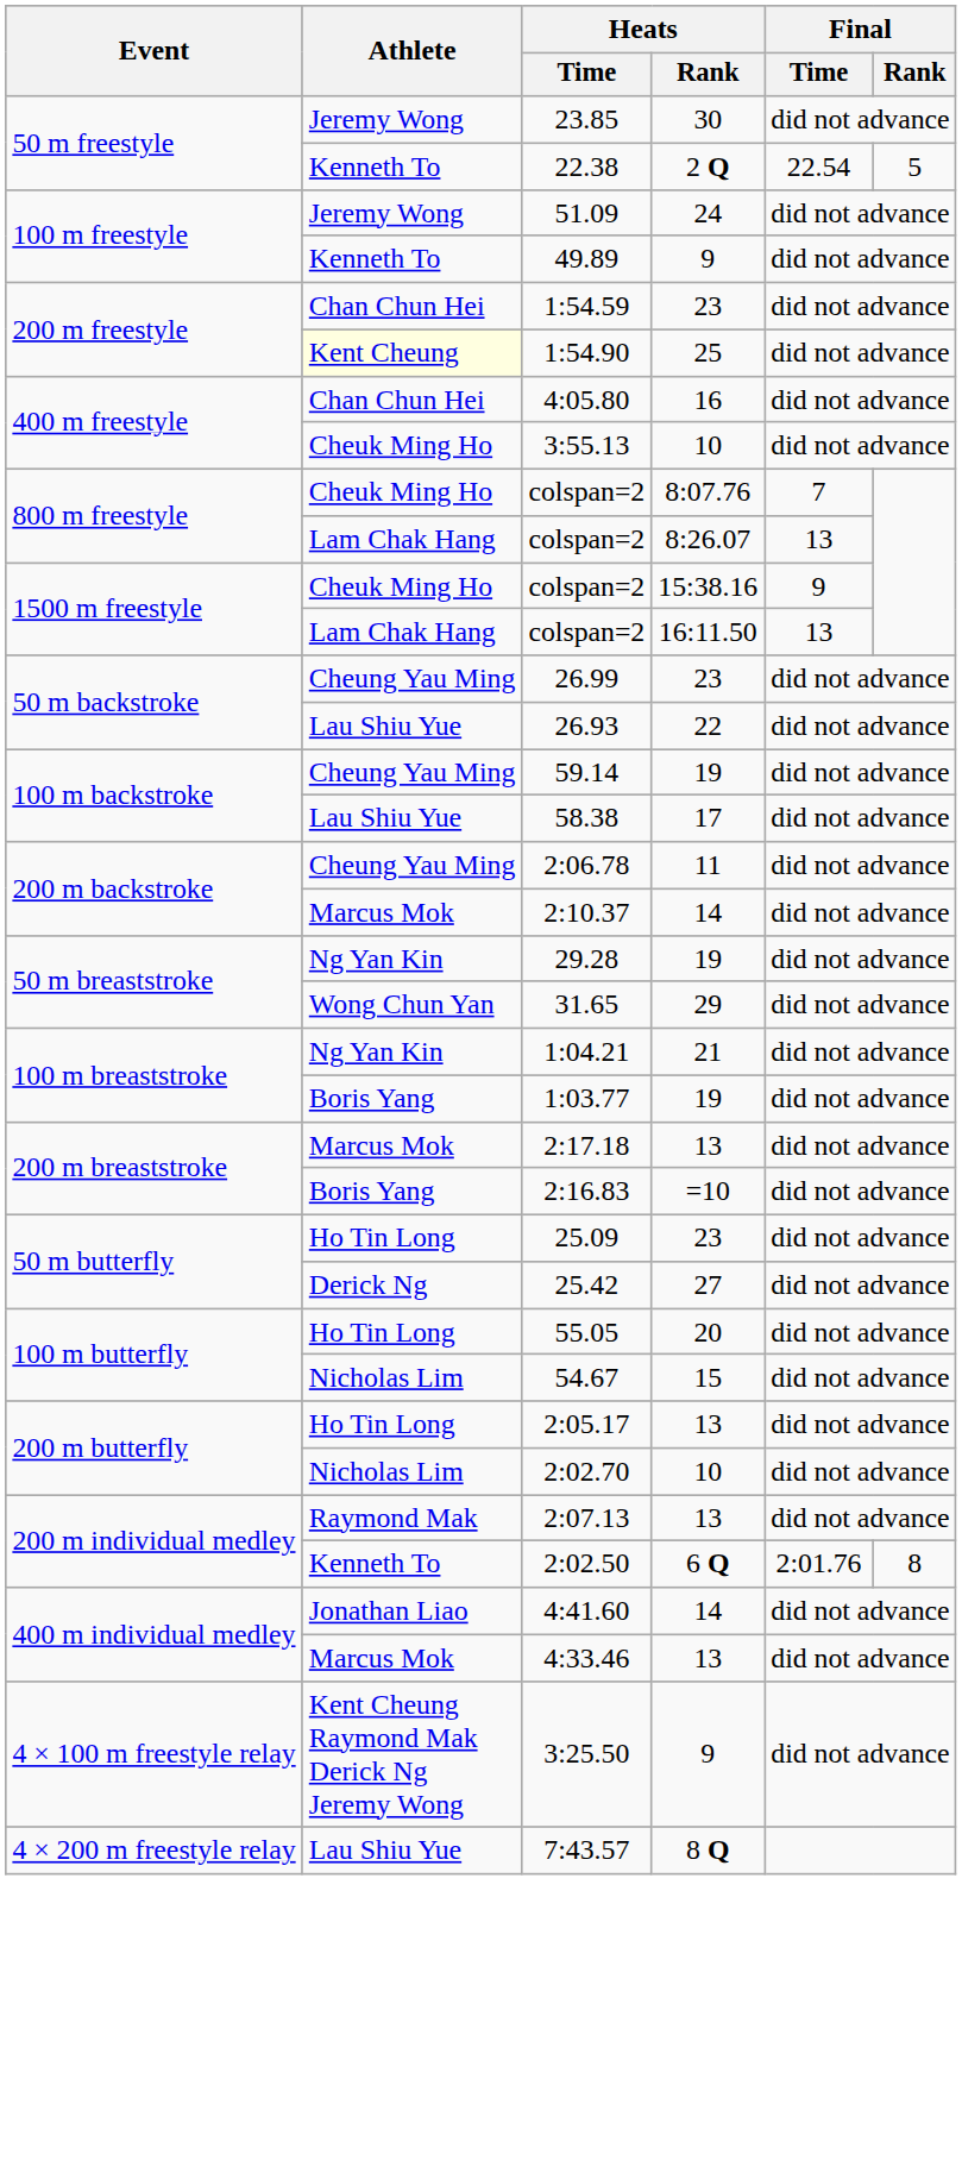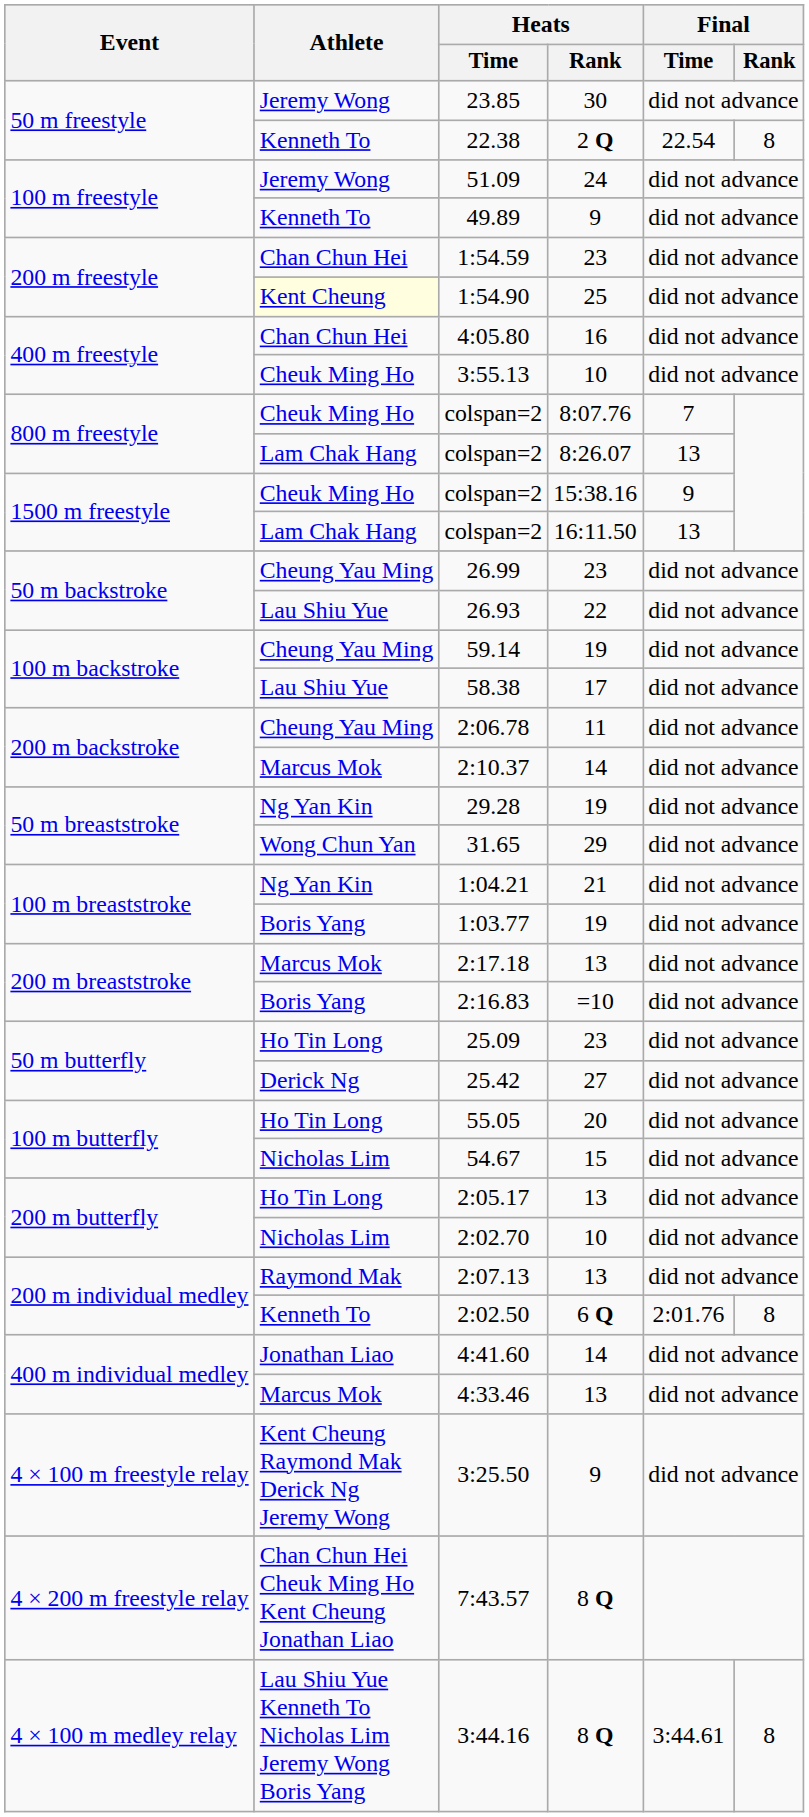 <table class=wikitable style="font-size:90%">
 <tr>
 <th rowspan="2">Event</th>
 <th rowspan="2">Athlete</th>
 <th colspan="2">Heats</th>
 <th colspan="2">Final</th>
 </tr>
 <tr style="font-size:95%">
 <th>Time</th>
 <th>Rank</th>
 <th>Time</th>
 <th>Rank</th>
 </tr>
 <tr align=center>
 <td align=left rowspan=2><a href='#'>50 m freestyle</a></td>
 <td align=left><a href='#'>Jeremy Wong</a></td>
 <td>23.85</td>
 <td>30</td>
 <td align=center colspan=2>did not advance</td>
 </tr>
 <tr align=center>
 <td align=left><a href='#'>Kenneth To</a></td>
 <td>22.38</td>
 <td>2 <strong>Q</strong></td>
 <td>22.54</td>
-<td>5</td>
+<td>8</td>
 </tr>
 <tr align=center>
 <td align=left rowspan=2><a href='#'>100 m freestyle</a></td>
 <td align=left><a href='#'>Jeremy Wong</a></td>
 <td>51.09</td>
 <td>24</td>
 <td align=center colspan=2>did not advance</td>
 </tr>
 <tr align=center>
 <td align=left><a href='#'>Kenneth To</a></td>
 <td>49.89</td>
 <td>9</td>
 <td align=center colspan=2>did not advance</td>
 </tr>
 <tr align=center>
 <td align=left rowspan=2><a href='#'>200 m freestyle</a></td>
 <td align=left><a href='#'>Chan Chun Hei</a></td>
 <td>1:54.59</td>
 <td>23</td>
 <td align=center colspan=2>did not advance</td>
 </tr>
 <tr align=center>
 <td align=left style="background: lightyellow;"><a href='#'>Kent Cheung</a></td>
 <td>1:54.90</td>
 <td>25</td>
 <td align=center colspan=2>did not advance</td>
 </tr>
 <tr align=center>
 <td align=left rowspan=2><a href='#'>400 m freestyle</a></td>
 <td align=left><a href='#'>Chan Chun Hei</a></td>
 <td>4:05.80</td>
 <td>16</td>
 <td align=center colspan=2>did not advance</td>
 </tr>
 <tr align=center>
 <td align=left><a href='#'>Cheuk Ming Ho</a></td>
 <td>3:55.13</td>
 <td>10</td>
 <td align=center colspan=2>did not advance</td>
 </tr>
 <tr align=center>
 <td align=left rowspan=2><a href='#'>800 m freestyle</a></td>
 <td align=left><a href='#'>Cheuk Ming Ho</a></td>
 <td>colspan=2 </td>
 <td>8:07.76</td>
 <td>7</td>
 </tr>
 <tr align=center>
 <td align=left><a href='#'>Lam Chak Hang</a></td>
 <td>colspan=2 </td>
 <td>8:26.07</td>
 <td>13</td>
 </tr>
 <tr align=center>
 <td align=left rowspan=2><a href='#'>1500 m freestyle</a></td>
 <td align=left><a href='#'>Cheuk Ming Ho</a></td>
 <td>colspan=2 </td>
 <td>15:38.16</td>
 <td>9</td>
 </tr>
 <tr align=center>
 <td align=left><a href='#'>Lam Chak Hang</a></td>
 <td>colspan=2 </td>
 <td>16:11.50</td>
 <td>13</td>
 </tr>
 <tr align=center>
 <td align=left rowspan=2><a href='#'>50 m backstroke</a></td>
 <td align=left><a href='#'>Cheung Yau Ming</a></td>
 <td>26.99</td>
 <td>23</td>
 <td align=center colspan=2>did not advance</td>
 </tr>
 <tr align=center>
 <td align=left><a href='#'>Lau Shiu Yue</a></td>
 <td>26.93</td>
 <td>22</td>
 <td align=center colspan=2>did not advance</td>
 </tr>
 <tr align=center>
 <td align=left rowspan=2><a href='#'>100 m backstroke</a></td>
 <td align=left><a href='#'>Cheung Yau Ming</a></td>
 <td>59.14</td>
 <td>19</td>
 <td align=center colspan=2>did not advance</td>
 </tr>
 <tr align=center>
 <td align=left><a href='#'>Lau Shiu Yue</a></td>
 <td>58.38</td>
 <td>17</td>
 <td align=center colspan=2>did not advance</td>
 </tr>
 <tr align=center>
 <td align=left rowspan=2><a href='#'>200 m backstroke</a></td>
 <td align=left><a href='#'>Cheung Yau Ming</a></td>
 <td>2:06.78</td>
 <td>11</td>
 <td align=center colspan=2>did not advance</td>
 </tr>
 <tr align=center>
 <td align=left><a href='#'>Marcus Mok</a></td>
 <td>2:10.37</td>
 <td>14</td>
 <td align=center colspan=2>did not advance</td>
 </tr>
 <tr align=center>
 <td align=left rowspan=2><a href='#'>50 m breaststroke</a></td>
 <td align=left><a href='#'>Ng Yan Kin</a></td>
 <td>29.28</td>
 <td>19</td>
 <td align=center colspan=2>did not advance</td>
 </tr>
 <tr align=center>
 <td align=left><a href='#'>Wong Chun Yan</a></td>
 <td>31.65</td>
 <td>29</td>
 <td align=center colspan=2>did not advance</td>
 </tr>
 <tr align=center>
 <td align=left rowspan=2><a href='#'>100 m breaststroke</a></td>
 <td align=left><a href='#'>Ng Yan Kin</a></td>
 <td>1:04.21</td>
 <td>21</td>
 <td align=center colspan=2>did not advance</td>
 </tr>
 <tr align=center>
 <td align=left><a href='#'>Boris Yang</a></td>
 <td>1:03.77</td>
 <td>19</td>
 <td align=center colspan=2>did not advance</td>
 </tr>
 <tr align=center>
 <td align=left rowspan=2><a href='#'>200 m breaststroke</a></td>
 <td align=left><a href='#'>Marcus Mok</a></td>
 <td>2:17.18</td>
 <td>13</td>
 <td align=center colspan=2>did not advance</td>
 </tr>
 <tr align=center>
 <td align=left><a href='#'>Boris Yang</a></td>
 <td>2:16.83</td>
 <td>=10</td>
 <td align=center colspan=2>did not advance</td>
 </tr>
 <tr align=center>
 <td align=left rowspan=2><a href='#'>50 m butterfly</a></td>
 <td align=left><a href='#'>Ho Tin Long</a></td>
 <td>25.09</td>
 <td>23</td>
 <td align=center colspan=2>did not advance</td>
 </tr>
 <tr align=center>
 <td align=left><a href='#'>Derick Ng</a></td>
 <td>25.42</td>
 <td>27</td>
 <td align=center colspan=2>did not advance</td>
 </tr>
 <tr align=center>
 <td align=left rowspan=2><a href='#'>100 m butterfly</a></td>
 <td align=left><a href='#'>Ho Tin Long</a></td>
 <td>55.05</td>
 <td>20</td>
 <td align=center colspan=2>did not advance</td>
 </tr>
 <tr align=center>
 <td align=left><a href='#'>Nicholas Lim</a></td>
 <td>54.67</td>
 <td>15</td>
 <td align=center colspan=2>did not advance</td>
 </tr>
 <tr align=center>
 <td align=left rowspan=2><a href='#'>200 m butterfly</a></td>
 <td align=left><a href='#'>Ho Tin Long</a></td>
 <td>2:05.17</td>
 <td>13</td>
 <td align=center colspan=2>did not advance</td>
 </tr>
 <tr align=center>
 <td align=left><a href='#'>Nicholas Lim</a></td>
 <td>2:02.70</td>
 <td>10</td>
 <td align=center colspan=2>did not advance</td>
 </tr>
 <tr align=center>
 <td align=left rowspan=2><a href='#'>200 m individual medley</a></td>
 <td align=left><a href='#'>Raymond Mak</a></td>
 <td>2:07.13</td>
 <td>13</td>
 <td align=center colspan=2>did not advance</td>
 </tr>
 <tr align=center>
 <td align=left><a href='#'>Kenneth To</a></td>
 <td>2:02.50</td>
 <td>6 <strong>Q</strong></td>
 <td>2:01.76</td>
 <td>8</td>
 </tr>
 <tr align=center>
 <td align=left rowspan=2><a href='#'>400 m individual medley</a></td>
 <td align=left><a href='#'>Jonathan Liao</a></td>
 <td>4:41.60</td>
 <td>14</td>
 <td align=center colspan=2>did not advance</td>
 </tr>
 <tr align=center>
 <td align=left><a href='#'>Marcus Mok</a></td>
 <td>4:33.46</td>
 <td>13</td>
 <td align=center colspan=2>did not advance</td>
 </tr>
 <tr align=center>
 <td align=left><a href='#'>4 × 100 m freestyle relay</a></td>
 <td align=left><a href='#'>Kent Cheung</a><br><a href='#'>Raymond Mak</a><br><a href='#'>Derick Ng</a><br><a href='#'>Jeremy Wong</a></td>
 <td>3:25.50</td>
 <td>9</td>
 <td align=center colspan=2>did not advance</td>
 </tr>
 <tr align=center>
 <td align=left><a href='#'>4 × 200 m freestyle relay</a></td>
-<td align=left><a href='#'>Lau Shiu Yue</a></td>
+<td align=left><a href='#'>Chan Chun Hei</a><br><a href='#'>Cheuk Ming Ho</a><br><a href='#'>Kent Cheung</a><br><a href='#'>Jonathan Liao</a></td>
 <td>7:43.57</td>
 <td>8 <strong>Q</strong></td>
 <td colspan=2></td>
 </tr>
+<tr align=center>
+<td align=left><a href='#'>4 × 100 m medley relay</a></td>
+<td align=left><a href='#'>Lau Shiu Yue</a><br><a href='#'>Kenneth To</a><br><a href='#'>Nicholas Lim</a><br><a href='#'>Jeremy Wong</a><br><a href='#'>Boris Yang</a></td>
+<td>3:44.16</td>
+<td>8 <strong>Q</strong></td>
+<td>3:44.61</td>
+<td>8</td>
+</tr>
 </table>
